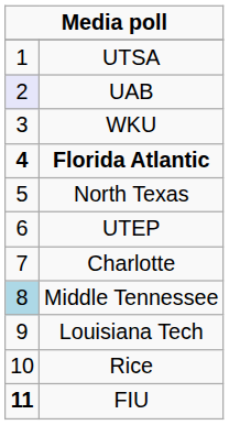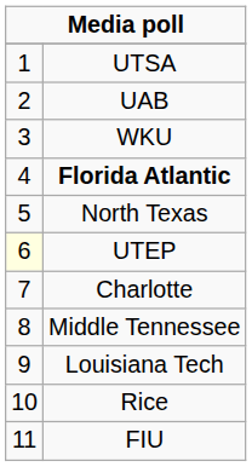 <table class="wikitable" style="display: inline-table;">
 <tr>
 <td align="center" Colspan="3"><strong>Media poll</strong></td>
 </tr>
 <tr align="center">
 </tr>
 <tr align="center">
 <td>1</td>
 <td>UTSA</td>
 </tr>
 <tr align="center">
-<td style="background: lavender;">2</td>
+<td>2</td>
 <td>UAB</td>
 </tr>
 <tr align="center">
 <td>3</td>
 <td>WKU</td>
 </tr>
 <tr align="center">
-<td><strong>4</strong></td>
+<td>4</td>
 <td><strong>Florida Atlantic</strong></td>
 </tr>
 <tr align="center">
 <td>5</td>
 <td>North Texas</td>
 </tr>
 <tr align="center">
-<td>6</td>
+<td style="background: lightyellow;">6</td>
 <td>UTEP</td>
 </tr>
 <tr align="center">
 <td>7</td>
 <td>Charlotte</td>
 </tr>
 <tr align="center">
-<td style="background: lightblue;">8</td>
+<td>8</td>
 <td>Middle Tennessee</td>
 </tr>
 <tr align="center">
 <td>9</td>
 <td>Louisiana Tech</td>
 </tr>
 <tr align="center">
 <td>10</td>
 <td>Rice</td>
 </tr>
 <tr align="center">
-<td><strong>11</strong></td>
+<td>11</td>
 <td>FIU</td>
 </tr>
 </table>
